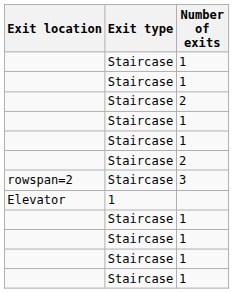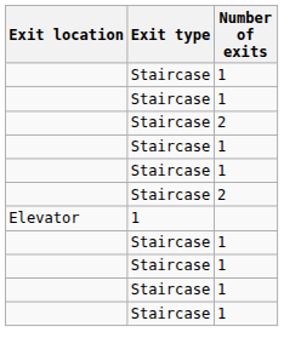 <table class="wikitable">
 <tr>
 <th>Exit location</th>
 <th>Exit type</th>
 <th width=50px>Number of exits</th>
 </tr>
 <tr>
 <td></td>
 <td>Staircase</td>
 <td>1</td>
 </tr>
 <tr>
 <td></td>
 <td>Staircase</td>
 <td>1</td>
 </tr>
 <tr>
 <td></td>
 <td>Staircase</td>
 <td>2</td>
 </tr>
 <tr>
 <td></td>
 <td>Staircase</td>
 <td>1</td>
 </tr>
 <tr>
 <td></td>
 <td>Staircase</td>
 <td>1</td>
 </tr>
 <tr>
 <td></td>
 <td>Staircase</td>
 <td>2</td>
 </tr>
 <tr>
-<td>rowspan=2 </td>
-<td>Staircase</td>
-<td>3</td>
-</tr>
-<tr>
 <td>Elevator</td>
 <td>1</td>
 </tr>
 <tr>
 <td></td>
 <td>Staircase</td>
 <td>1</td>
 </tr>
 <tr>
 <td></td>
 <td>Staircase</td>
 <td>1</td>
 </tr>
 <tr>
 <td></td>
 <td>Staircase</td>
 <td>1</td>
 </tr>
 <tr>
 <td></td>
 <td>Staircase</td>
 <td>1</td>
 </tr>
 </table>
